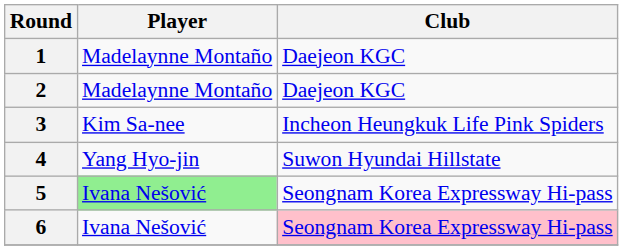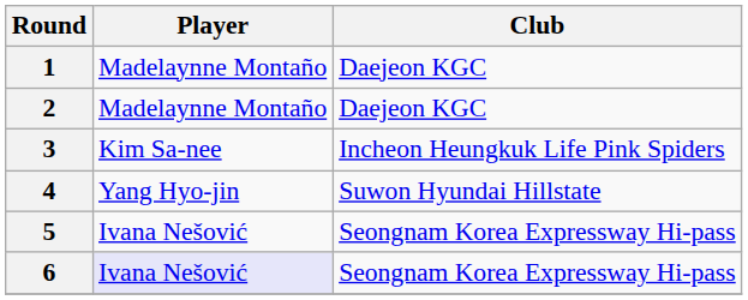 <table class=wikitable>
 <tr>
 <th>Round</th>
 <th>Player</th>
 <th>Club</th>
 </tr>
 <tr>
 <th>1</th>
 <td> <a href='#'>Madelaynne Montaño</a></td>
 <td><a href='#'>Daejeon KGC</a></td>
 </tr>
 <tr>
 <th>2</th>
 <td> <a href='#'>Madelaynne Montaño</a></td>
 <td><a href='#'>Daejeon KGC</a></td>
 </tr>
 <tr>
 <th>3</th>
 <td> <a href='#'>Kim Sa-nee</a></td>
 <td><a href='#'>Incheon Heungkuk Life Pink Spiders</a></td>
 </tr>
 <tr>
 <th>4</th>
 <td> <a href='#'>Yang Hyo-jin</a></td>
 <td><a href='#'>Suwon Hyundai Hillstate</a></td>
 </tr>
 <tr>
 <th>5</th>
-<td style="background: lightgreen;"> <a href='#'>Ivana Nešović</a></td>
+<td> <a href='#'>Ivana Nešović</a></td>
 <td><a href='#'>Seongnam Korea Expressway Hi-pass</a></td>
 </tr>
 <tr>
 <th>6</th>
-<td> <a href='#'>Ivana Nešović</a></td>
-<td style="background: pink;"><a href='#'>Seongnam Korea Expressway Hi-pass</a></td>
+<td style="background: lavender;"> <a href='#'>Ivana Nešović</a></td>
+<td><a href='#'>Seongnam Korea Expressway Hi-pass</a></td>
 </tr>
 <tr>
 </tr>
 </table>
